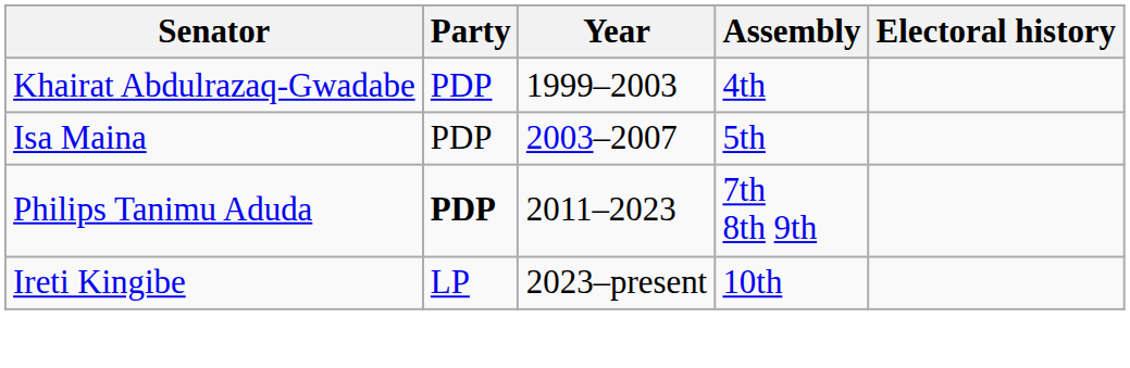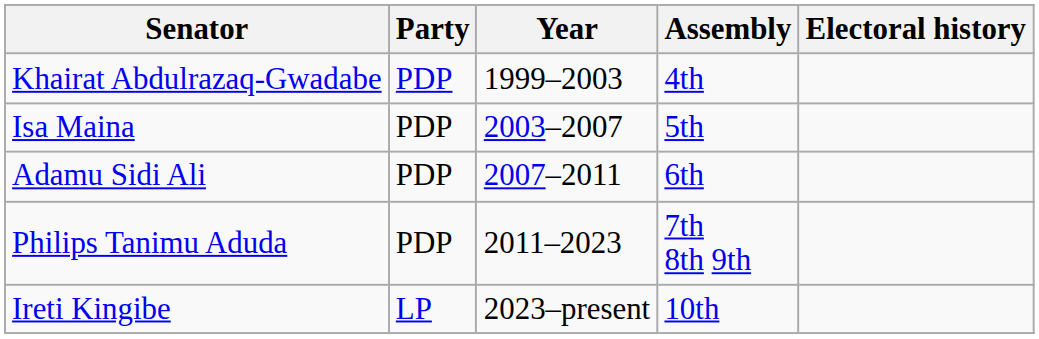 <table class="wikitable">
 <tr>
 <th>Senator</th>
 <th>Party</th>
 <th>Year</th>
 <th>Assembly</th>
 <th>Electoral history</th>
 </tr>
 <tr>
 <td><a href='#'>Khairat Abdulrazaq-Gwadabe</a></td>
 <td><a href='#'>PDP</a></td>
 <td>1999–2003</td>
 <td><a href='#'>4th</a></td>
 <td></td>
 </tr>
 <tr>
 <td><a href='#'>Isa Maina</a></td>
 <td>PDP</td>
 <td><a href='#'>2003</a>–2007</td>
 <td><a href='#'>5th</a></td>
 <td></td>
 </tr>
 <tr>
+<td><a href='#'>Adamu Sidi Ali</a></td>
+<td>PDP</td>
+<td><a href='#'>2007</a>–2011</td>
+<td><a href='#'>6th</a></td>
+<td></td>
+</tr>
+<tr>
 <td><a href='#'>Philips Tanimu Aduda</a></td>
-<td><strong>PDP</strong></td>
+<td>PDP</td>
 <td>2011–2023</td>
 <td><a href='#'>7th</a><br><a href='#'>8th</a> <a href='#'>9th</a></td>
 <td></td>
 </tr>
 <tr>
 <td><a href='#'>Ireti Kingibe</a></td>
 <td><a href='#'>LP</a></td>
 <td>2023–present</td>
 <td><a href='#'>10th</a></td>
 <td></td>
 </tr>
 </table>
